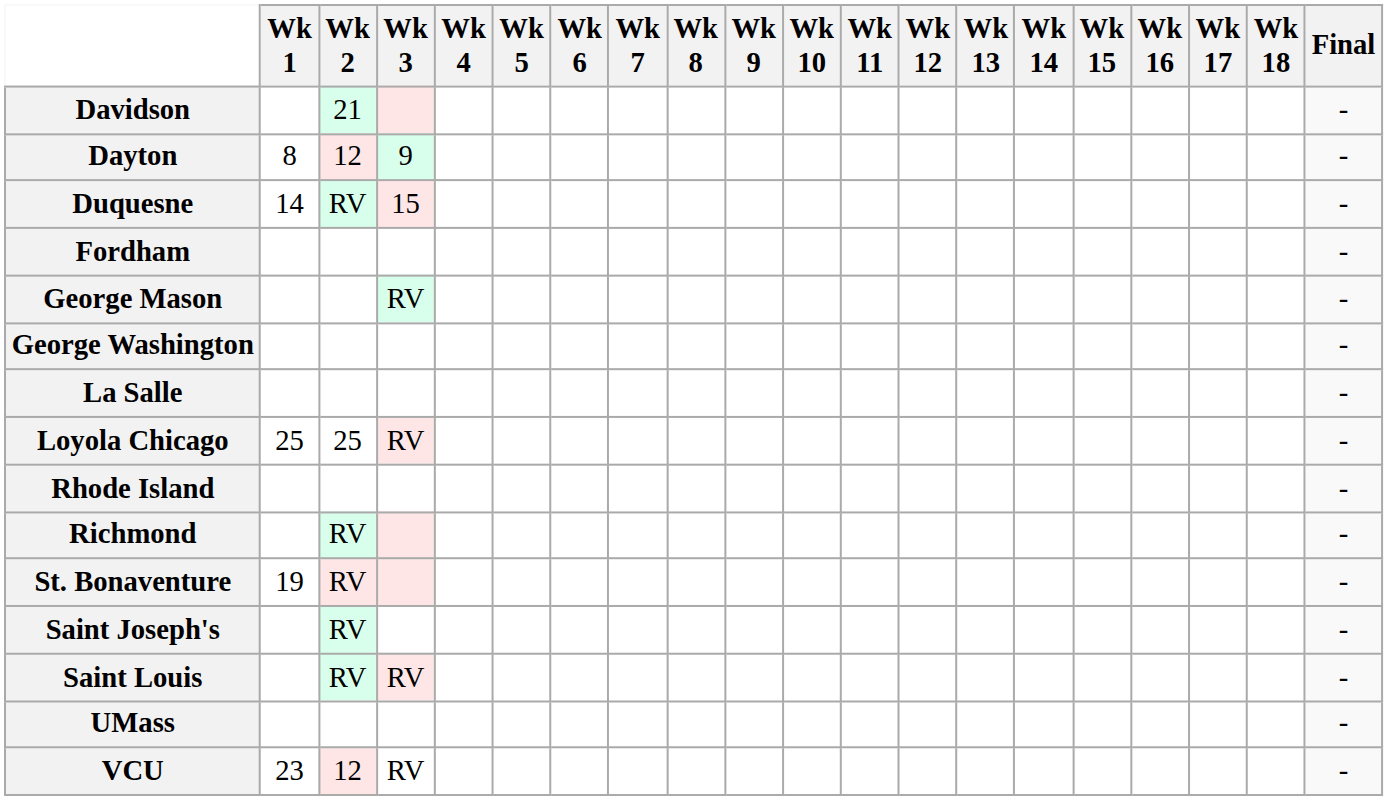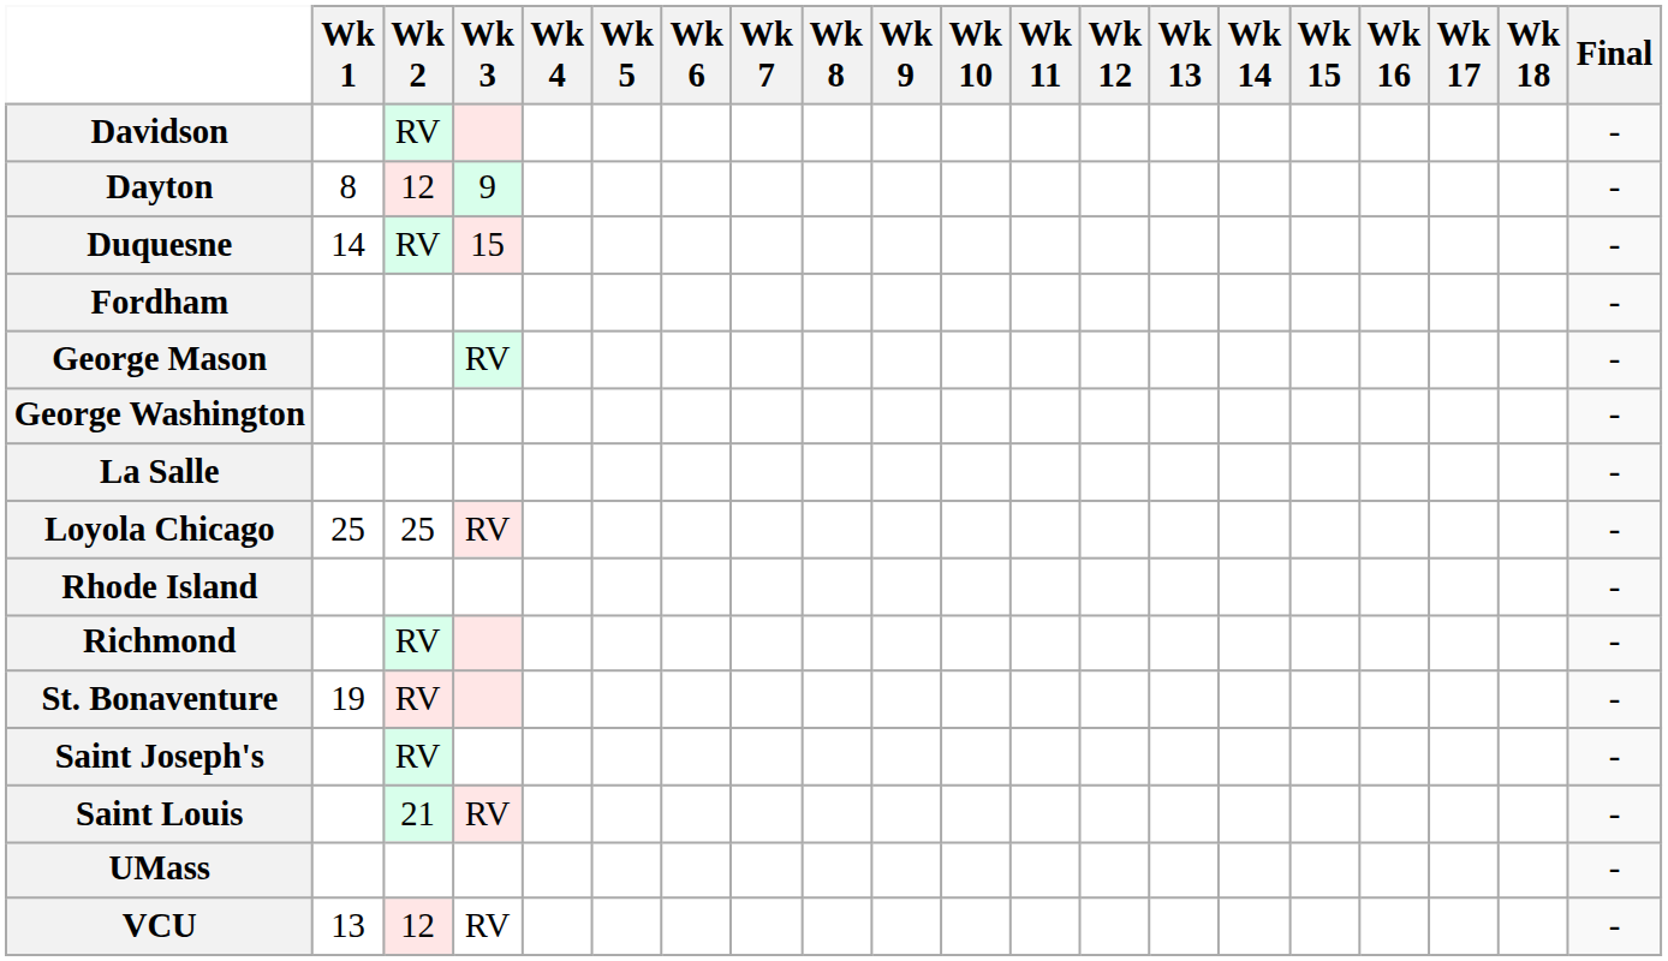 <table class="wikitable" style="white-space:nowrap;font-size:90%;">
 <tr>
 <th style="background:white; border-top-style:hidden; border-left-style:hidden;"> </th>
 <th>Wk<br>1</th>
 <th>Wk<br>2</th>
 <th>Wk<br>3</th>
 <th>Wk<br>4</th>
 <th>Wk<br>5</th>
 <th>Wk<br>6</th>
 <th>Wk<br>7</th>
 <th>Wk<br>8</th>
 <th>Wk<br>9</th>
 <th>Wk<br>10</th>
 <th>Wk<br>11</th>
 <th>Wk<br>12</th>
 <th>Wk<br>13</th>
 <th>Wk<br>14</th>
 <th>Wk<br>15</th>
 <th>Wk<br>16</th>
 <th>Wk<br>17</th>
 <th>Wk<br>18</th>
 <th>Final</th>
 </tr>
 <tr style="text-align:center;">
 <th>Davidson</th>
 <td style="background:#FFF;"></td>
-<td style="background:#D8FFEB;">21</td>
+<td style="background:#D8FFEB;">RV</td>
 <td style="background:#FFE6E6;"></td>
 <td style="background:#FFF;"></td>
 <td style="background:#FFF;"></td>
 <td style="background:#FFF;"></td>
 <td style="background:#FFF;"></td>
 <td style="background:#FFF;"></td>
 <td style="background:#FFF;"></td>
 <td style="background:#FFF;"></td>
 <td style="background:#FFF;"></td>
 <td style="background:#FFF;"></td>
 <td style="background:#FFF;"></td>
 <td style="background:#FFF;"></td>
 <td style="background:#FFF;"></td>
 <td style="background:#FFF;"></td>
 <td style="background:#FFF;"></td>
 <td style="background:#FFF;"></td>
 <td>-</td>
 </tr>
 <tr style="text-align:center;">
 <th>Dayton</th>
 <td style="background:#FFF;">8</td>
 <td style="background:#FFE6E6;">12</td>
 <td style="background:#D8FFEB;">9</td>
 <td style="background:#FFF;"></td>
 <td style="background:#FFF;"></td>
 <td style="background:#FFF;"></td>
 <td style="background:#FFF;"></td>
 <td style="background:#FFF;"></td>
 <td style="background:#FFF;"></td>
 <td style="background:#FFF;"></td>
 <td style="background:#FFF;"></td>
 <td style="background:#FFF;"></td>
 <td style="background:#FFF;"></td>
 <td style="background:#FFF;"></td>
 <td style="background:#FFF;"></td>
 <td style="background:#FFF;"></td>
 <td style="background:#FFF;"></td>
 <td style="background:#FFF;"></td>
 <td>-</td>
 </tr>
 <tr style="text-align:center;">
 <th>Duquesne</th>
 <td style="background:#FFF;">14</td>
 <td style="background:#D8FFEB;">RV</td>
 <td style="background:#FFE6E6;">15</td>
 <td style="background:#FFF;"></td>
 <td style="background:#FFF;"></td>
 <td style="background:#FFF;"></td>
 <td style="background:#FFF;"></td>
 <td style="background:#FFF;"></td>
 <td style="background:#FFF;"></td>
 <td style="background:#FFF;"></td>
 <td style="background:#FFF;"></td>
 <td style="background:#FFF;"></td>
 <td style="background:#FFF;"></td>
 <td style="background:#FFF;"></td>
 <td style="background:#FFF;"></td>
 <td style="background:#FFF;"></td>
 <td style="background:#FFF;"></td>
 <td style="background:#FFF;"></td>
 <td>-</td>
 </tr>
 <tr style="text-align:center;">
 <th>Fordham</th>
 <td style="background:#FFF;"></td>
 <td style="background:#FFF;"></td>
 <td style="background:#FFF;"></td>
 <td style="background:#FFF;"></td>
 <td style="background:#FFF;"></td>
 <td style="background:#FFF;"></td>
 <td style="background:#FFF;"></td>
 <td style="background:#FFF;"></td>
 <td style="background:#FFF;"></td>
 <td style="background:#FFF;"></td>
 <td style="background:#FFF;"></td>
 <td style="background:#FFF;"></td>
 <td style="background:#FFF;"></td>
 <td style="background:#FFF;"></td>
 <td style="background:#FFF;"></td>
 <td style="background:#FFF;"></td>
 <td style="background:#FFF;"></td>
 <td style="background:#FFF;"></td>
 <td>-</td>
 </tr>
 <tr style="text-align:center;">
 <th>George Mason</th>
 <td style="background:#FFF;"></td>
 <td style="background:#FFF;"></td>
 <td style="background:#D8FFEB;">RV</td>
 <td style="background:#FFF;"></td>
 <td style="background:#FFF;"></td>
 <td style="background:#FFF;"></td>
 <td style="background:#FFF;"></td>
 <td style="background:#FFF;"></td>
 <td style="background:#FFF;"></td>
 <td style="background:#FFF;"></td>
 <td style="background:#FFF;"></td>
 <td style="background:#FFF;"></td>
 <td style="background:#FFF;"></td>
 <td style="background:#FFF;"></td>
 <td style="background:#FFF;"></td>
 <td style="background:#FFF;"></td>
 <td style="background:#FFF;"></td>
 <td style="background:#FFF;"></td>
 <td>-</td>
 </tr>
 <tr style="text-align:center;">
 <th>George Washington</th>
 <td style="background:#FFF;"></td>
 <td style="background:#FFF;"></td>
 <td style="background:#FFF;"></td>
 <td style="background:#FFF;"></td>
 <td style="background:#FFF;"></td>
 <td style="background:#FFF;"></td>
 <td style="background:#FFF;"></td>
 <td style="background:#FFF;"></td>
 <td style="background:#FFF;"></td>
 <td style="background:#FFF;"></td>
 <td style="background:#FFF;"></td>
 <td style="background:#FFF;"></td>
 <td style="background:#FFF;"></td>
 <td style="background:#FFF;"></td>
 <td style="background:#FFF;"></td>
 <td style="background:#FFF;"></td>
 <td style="background:#FFF;"></td>
 <td style="background:#FFF;"></td>
 <td>-</td>
 </tr>
 <tr style="text-align:center;">
 <th>La Salle</th>
 <td style="background:#FFF;"></td>
 <td style="background:#FFF;"></td>
 <td style="background:#FFF;"></td>
 <td style="background:#FFF;"></td>
 <td style="background:#FFF;"></td>
 <td style="background:#FFF;"></td>
 <td style="background:#FFF;"></td>
 <td style="background:#FFF;"></td>
 <td style="background:#FFF;"></td>
 <td style="background:#FFF;"></td>
 <td style="background:#FFF;"></td>
 <td style="background:#FFF;"></td>
 <td style="background:#FFF;"></td>
 <td style="background:#FFF;"></td>
 <td style="background:#FFF;"></td>
 <td style="background:#FFF;"></td>
 <td style="background:#FFF;"></td>
 <td style="background:#FFF;"></td>
 <td>-</td>
 </tr>
 <tr style="text-align:center;">
 <th>Loyola Chicago</th>
 <td style="background:#FFF;">25</td>
 <td style="background:#FFF;">25</td>
 <td style="background:#FFE6E6;">RV</td>
 <td style="background:#FFF;"></td>
 <td style="background:#FFF;"></td>
 <td style="background:#FFF;"></td>
 <td style="background:#FFF;"></td>
 <td style="background:#FFF;"></td>
 <td style="background:#FFF;"></td>
 <td style="background:#FFF;"></td>
 <td style="background:#FFF;"></td>
 <td style="background:#FFF;"></td>
 <td style="background:#FFF;"></td>
 <td style="background:#FFF;"></td>
 <td style="background:#FFF;"></td>
 <td style="background:#FFF;"></td>
 <td style="background:#FFF;"></td>
 <td style="background:#FFF;"></td>
 <td>-</td>
 </tr>
 <tr style="text-align:center;">
 <th>Rhode Island</th>
 <td style="background:#FFF;"></td>
 <td style="background:#FFF;"></td>
 <td style="background:#FFF;"></td>
 <td style="background:#FFF;"></td>
 <td style="background:#FFF;"></td>
 <td style="background:#FFF;"></td>
 <td style="background:#FFF;"></td>
 <td style="background:#FFF;"></td>
 <td style="background:#FFF;"></td>
 <td style="background:#FFF;"></td>
 <td style="background:#FFF;"></td>
 <td style="background:#FFF;"></td>
 <td style="background:#FFF;"></td>
 <td style="background:#FFF;"></td>
 <td style="background:#FFF;"></td>
 <td style="background:#FFF;"></td>
 <td style="background:#FFF;"></td>
 <td style="background:#FFF;"></td>
 <td>-</td>
 </tr>
 <tr style="text-align:center;">
 <th>Richmond</th>
 <td style="background:#FFF;"></td>
 <td style="background:#D8FFEB;">RV</td>
 <td style="background:#FFE6E6;"></td>
 <td style="background:#FFF;"></td>
 <td style="background:#FFF;"></td>
 <td style="background:#FFF;"></td>
 <td style="background:#FFF;"></td>
 <td style="background:#FFF;"></td>
 <td style="background:#FFF;"></td>
 <td style="background:#FFF;"></td>
 <td style="background:#FFF;"></td>
 <td style="background:#FFF;"></td>
 <td style="background:#FFF;"></td>
 <td style="background:#FFF;"></td>
 <td style="background:#FFF;"></td>
 <td style="background:#FFF;"></td>
 <td style="background:#FFF;"></td>
 <td style="background:#FFF;"></td>
 <td>-</td>
 </tr>
 <tr style="text-align:center;">
 <th>St. Bonaventure</th>
 <td style="background:#FFF;">19</td>
 <td style="background:#FFE6E6;">RV</td>
 <td style="background:#FFE6E6;"></td>
 <td style="background:#FFF;"></td>
 <td style="background:#FFF;"></td>
 <td style="background:#FFF;"></td>
 <td style="background:#FFF;"></td>
 <td style="background:#FFF;"></td>
 <td style="background:#FFF;"></td>
 <td style="background:#FFF;"></td>
 <td style="background:#FFF;"></td>
 <td style="background:#FFF;"></td>
 <td style="background:#FFF;"></td>
 <td style="background:#FFF;"></td>
 <td style="background:#FFF;"></td>
 <td style="background:#FFF;"></td>
 <td style="background:#FFF;"></td>
 <td style="background:#FFF;"></td>
 <td>-</td>
 </tr>
 <tr style="text-align:center;">
 <th>Saint Joseph's</th>
 <td style="background:#FFF;"></td>
 <td style="background:#D8FFEB;">RV</td>
 <td style="background:#FFF;"></td>
 <td style="background:#FFF;"></td>
 <td style="background:#FFF;"></td>
 <td style="background:#FFF;"></td>
 <td style="background:#FFF;"></td>
 <td style="background:#FFF;"></td>
 <td style="background:#FFF;"></td>
 <td style="background:#FFF;"></td>
 <td style="background:#FFF;"></td>
 <td style="background:#FFF;"></td>
 <td style="background:#FFF;"></td>
 <td style="background:#FFF;"></td>
 <td style="background:#FFF;"></td>
 <td style="background:#FFF;"></td>
 <td style="background:#FFF;"></td>
 <td style="background:#FFF;"></td>
 <td>-</td>
 </tr>
 <tr style="text-align:center;">
 <th>Saint Louis</th>
 <td style="background:#FFF;"></td>
-<td style="background:#D8FFEB;">RV</td>
+<td style="background:#D8FFEB;">21</td>
 <td style="background:#FFE6E6;">RV</td>
 <td style="background:#FFF;"></td>
 <td style="background:#FFF;"></td>
 <td style="background:#FFF;"></td>
 <td style="background:#FFF;"></td>
 <td style="background:#FFF;"></td>
 <td style="background:#FFF;"></td>
 <td style="background:#FFF;"></td>
 <td style="background:#FFF;"></td>
 <td style="background:#FFF;"></td>
 <td style="background:#FFF;"></td>
 <td style="background:#FFF;"></td>
 <td style="background:#FFF;"></td>
 <td style="background:#FFF;"></td>
 <td style="background:#FFF;"></td>
 <td style="background:#FFF;"></td>
 <td>-</td>
 </tr>
 <tr style="text-align:center;">
 <th>UMass</th>
 <td style="background:#FFF;"></td>
 <td style="background:#FFF;"></td>
 <td style="background:#FFF;"></td>
 <td style="background:#FFF;"></td>
 <td style="background:#FFF;"></td>
 <td style="background:#FFF;"></td>
 <td style="background:#FFF;"></td>
 <td style="background:#FFF;"></td>
 <td style="background:#FFF;"></td>
 <td style="background:#FFF;"></td>
 <td style="background:#FFF;"></td>
 <td style="background:#FFF;"></td>
 <td style="background:#FFF;"></td>
 <td style="background:#FFF;"></td>
 <td style="background:#FFF;"></td>
 <td style="background:#FFF;"></td>
 <td style="background:#FFF;"></td>
 <td style="background:#FFF;"></td>
 <td>-</td>
 </tr>
 <tr style="text-align:center;">
 <th>VCU</th>
-<td style="background:#FFF;">23</td>
+<td style="background:#FFF;">13</td>
 <td style="background:#FFE6E6;">12</td>
 <td style="background:#FFF;">RV</td>
 <td style="background:#FFF;"></td>
 <td style="background:#FFF;"></td>
 <td style="background:#FFF;"></td>
 <td style="background:#FFF;"></td>
 <td style="background:#FFF;"></td>
 <td style="background:#FFF;"></td>
 <td style="background:#FFF;"></td>
 <td style="background:#FFF;"></td>
 <td style="background:#FFF;"></td>
 <td style="background:#FFF;"></td>
 <td style="background:#FFF;"></td>
 <td style="background:#FFF;"></td>
 <td style="background:#FFF;"></td>
 <td style="background:#FFF;"></td>
 <td style="background:#FFF;"></td>
 <td>-</td>
 </tr>
 </table>
